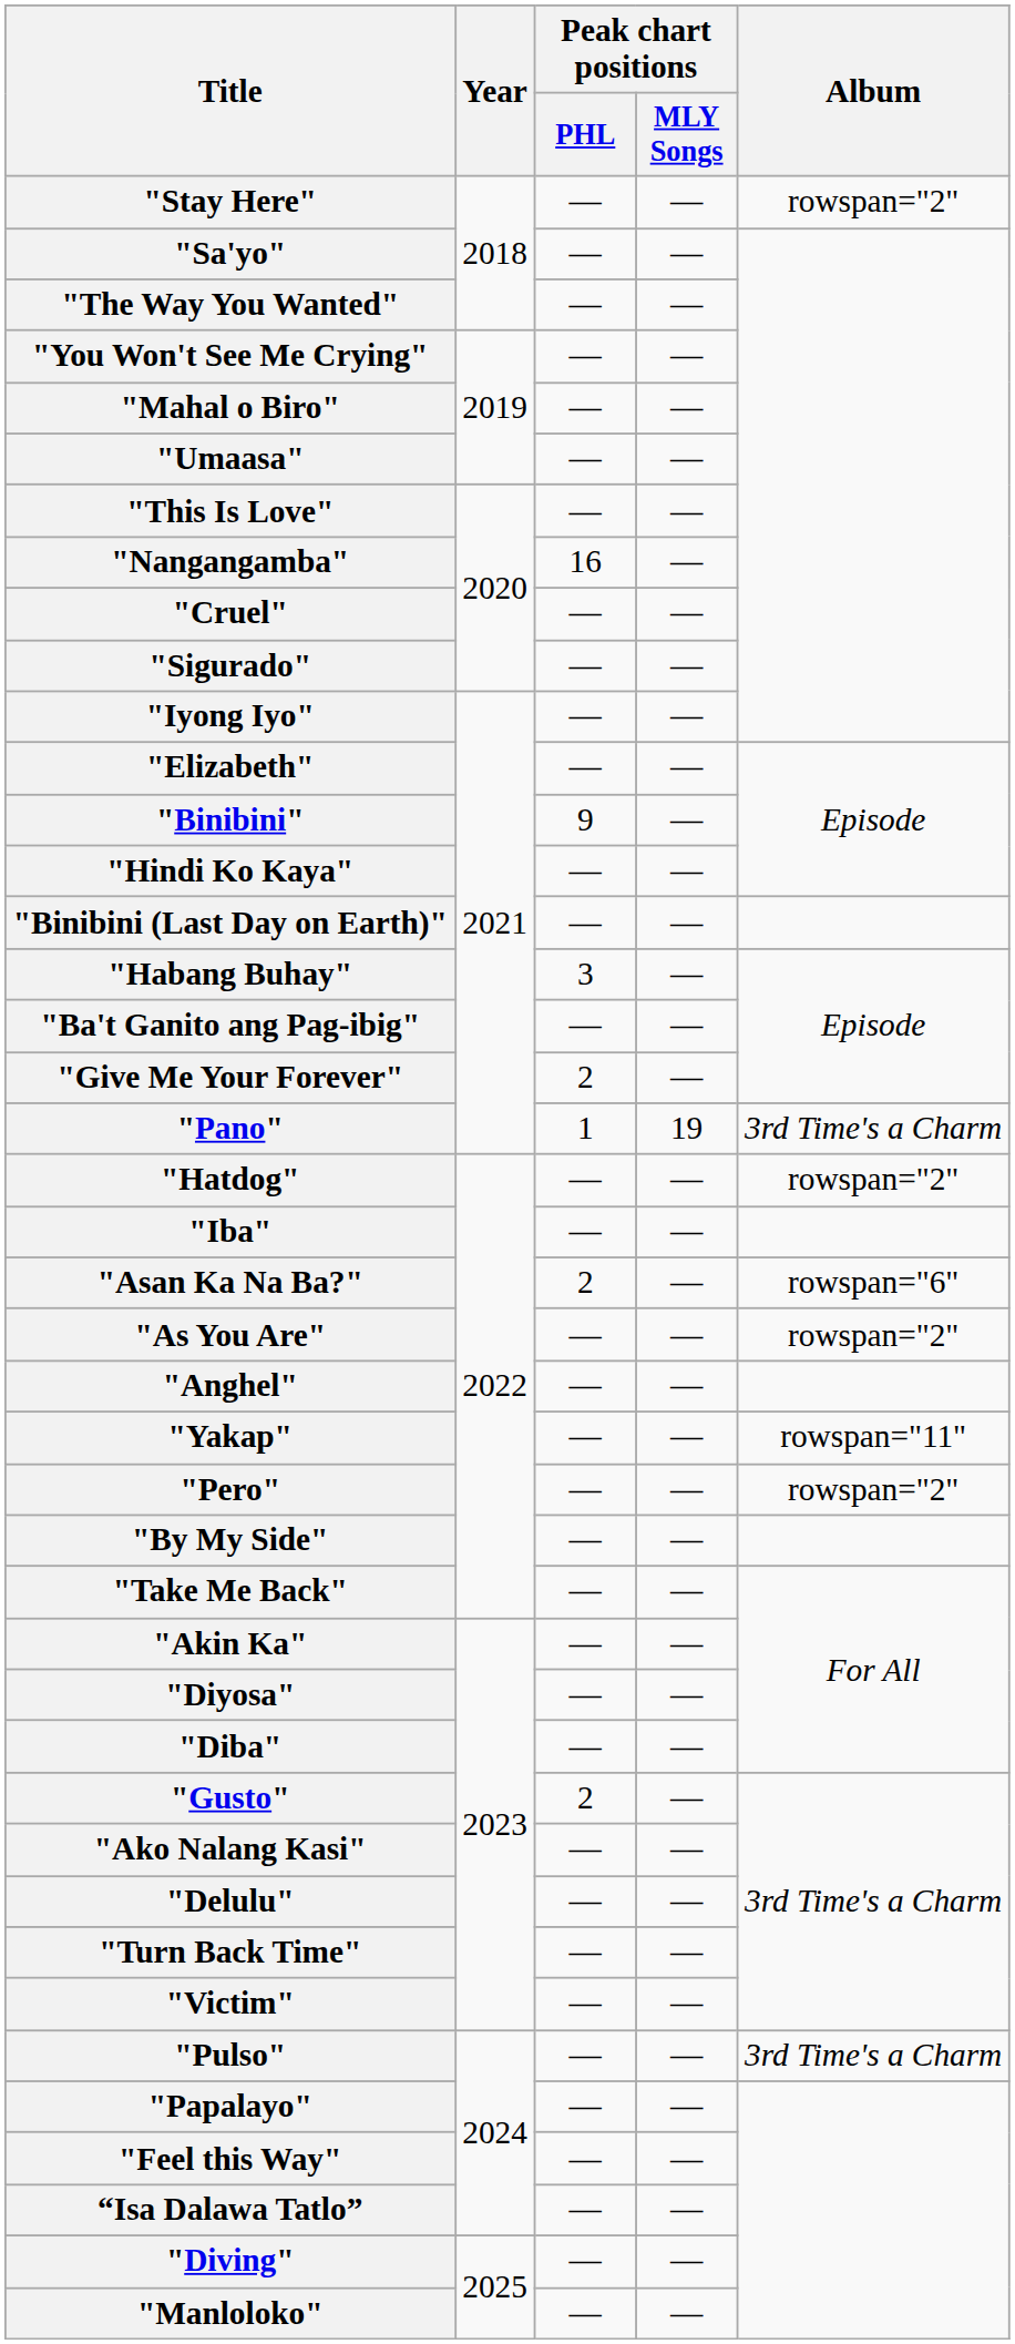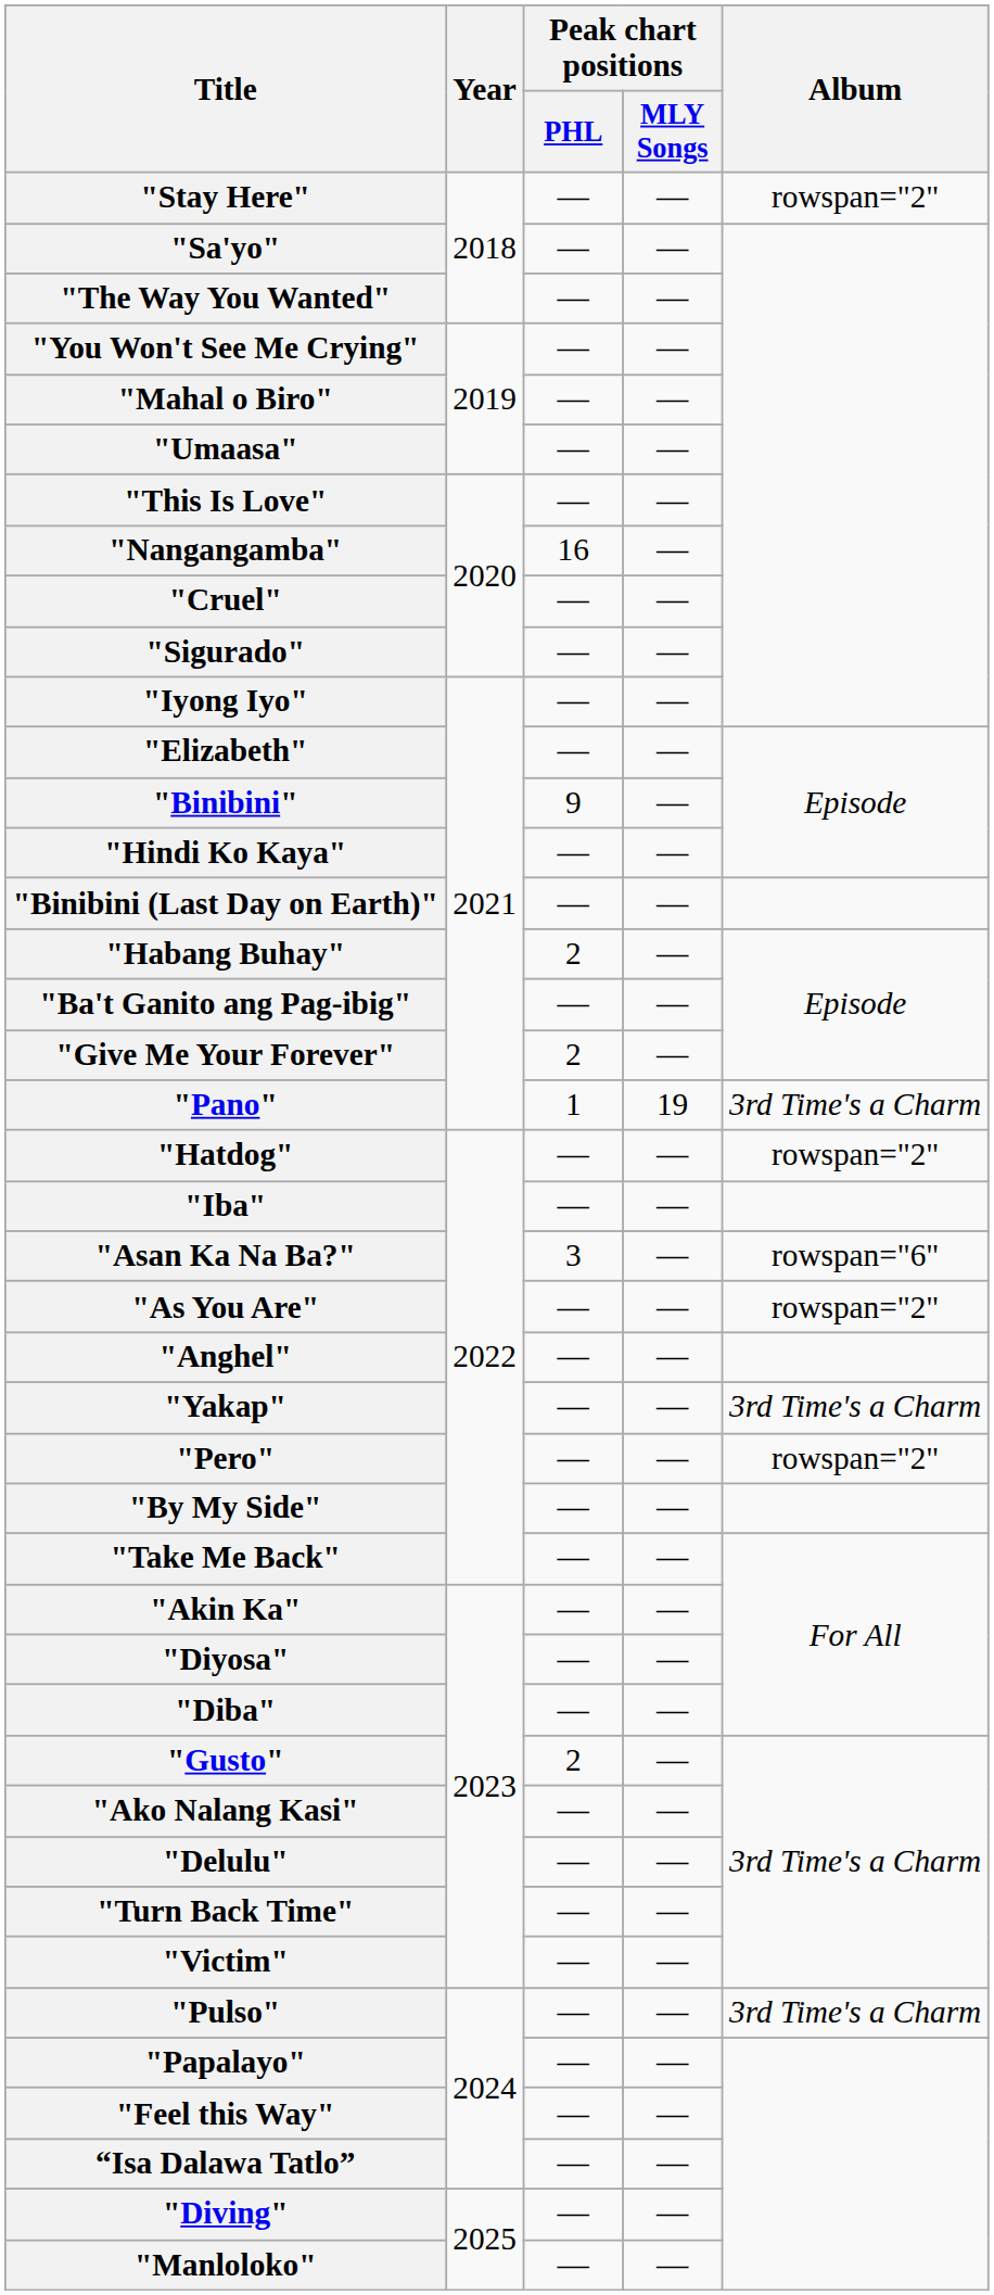 <table class="wikitable plainrowheaders" style="text-align:center">
 <tr>
 <th scope="col" rowspan="2">Title</th>
 <th scope="col" rowspan="2">Year</th>
 <th scope="col" colspan="2">Peak chart positions</th>
 <th scope="col" rowspan="2">Album</th>
 </tr>
 <tr>
 <th scope="col" style="font-size:90%; width:3em"><a href='#'>PHL</a><br></th>
 <th scope="col" style="font-size:90%; width:3em"><a href='#'>MLY<br>Songs</a><br></th>
 </tr>
 <tr>
 <th scope="row">"Stay Here"</th>
 <td rowspan="3">2018</td>
 <td>—</td>
 <td>—</td>
 <td>rowspan="2" </td>
 </tr>
 <tr>
 <th scope="row">"Sa'yo"</th>
 <td>—</td>
 <td>—</td>
 </tr>
 <tr>
 <th scope="row">"The Way You Wanted"</th>
 <td>—</td>
 <td>—</td>
 </tr>
 <tr>
 <th scope="row">"You Won't See Me Crying"<br></th>
 <td rowspan="3">2019</td>
 <td>—</td>
 <td>—</td>
 </tr>
 <tr>
 <th scope="row">"Mahal o Biro"</th>
 <td>—</td>
 <td>—</td>
 </tr>
 <tr>
 <th scope="row">"Umaasa"</th>
 <td>—</td>
 <td>—</td>
 </tr>
 <tr>
 <th scope="row">"This Is Love"</th>
 <td rowspan="4">2020</td>
 <td>—</td>
 <td>—</td>
 </tr>
 <tr>
 <th scope="row">"Nangangamba"</th>
 <td>16</td>
 <td>—</td>
 </tr>
 <tr>
 <th scope="row">"Cruel"</th>
 <td>—</td>
 <td>—</td>
 </tr>
 <tr>
 <th scope="row">"Sigurado"</th>
 <td>—</td>
 <td>—</td>
 </tr>
 <tr>
 <th scope="row">"Iyong Iyo"</th>
 <td rowspan="9">2021</td>
 <td>—</td>
 <td>—</td>
 </tr>
 <tr>
 <th scope="row">"Elizabeth"</th>
 <td>—</td>
 <td>—</td>
 <td rowspan="3"><em>Episode</em></td>
 </tr>
 <tr>
 <th scope="row">"<a href='#'>Binibini</a>"</th>
 <td>9</td>
 <td>—</td>
 </tr>
 <tr>
 <th scope="row">"Hindi Ko Kaya"</th>
 <td>—</td>
 <td>—</td>
 </tr>
 <tr>
 <th scope="row">"Binibini (Last Day on Earth)"<br></th>
 <td>—</td>
 <td>—</td>
 <td></td>
 </tr>
 <tr>
 <th scope="row">"Habang Buhay"</th>
-<td>3</td>
+<td>2</td>
 <td>—</td>
 <td rowspan="3"><em>Episode</em></td>
 </tr>
 <tr>
 <th scope="row">"Ba't Ganito ang Pag-ibig"</th>
 <td>—</td>
 <td>—</td>
 </tr>
 <tr>
 <th scope="row">"Give Me Your Forever"</th>
 <td>2</td>
 <td>—</td>
 </tr>
 <tr>
 <th scope="row">"<a href='#'>Pano</a>"</th>
 <td>1</td>
 <td>19</td>
 <td><em>3rd Time's a Charm</em></td>
 </tr>
 <tr>
 <th scope="row">"Hatdog"<br></th>
 <td rowspan="9">2022</td>
 <td>—</td>
 <td>—</td>
 <td>rowspan="2" </td>
 </tr>
 <tr>
 <th scope="row">"Iba"<br></th>
 <td>—</td>
 <td>—</td>
 </tr>
 <tr>
 <th scope="row">"Asan Ka Na Ba?"</th>
-<td>2</td>
+<td>3</td>
 <td>—</td>
 <td>rowspan="6" </td>
 </tr>
 <tr>
 <th scope="row">"As You Are"</th>
 <td>—</td>
 <td>—</td>
 <td>rowspan="2" </td>
 </tr>
 <tr>
 <th scope="row">"Anghel"</th>
 <td>—</td>
 <td>—</td>
 </tr>
 <tr>
 <th scope="row">"Yakap"</th>
 <td>—</td>
 <td>—</td>
-<td>rowspan="11" </td>
+<td><em>3rd Time's a Charm</em></td>
 </tr>
 <tr>
 <th scope="row">"Pero"</th>
 <td>—</td>
 <td>—</td>
 <td>rowspan="2" </td>
 </tr>
 <tr>
 <th scope="row">"By My Side"<br></th>
 <td>—</td>
 <td>—</td>
 </tr>
 <tr>
 <th scope="row">"Take Me Back"<br></th>
 <td>—</td>
 <td>—</td>
 <td rowspan="4"><em>For All</em></td>
 </tr>
 <tr>
 <th scope="row">"Akin Ka"</th>
 <td rowspan="8">2023</td>
 <td>—</td>
 <td>—</td>
 </tr>
 <tr>
 <th scope="row">"Diyosa"</th>
 <td>—</td>
 <td>—</td>
 </tr>
 <tr>
 <th scope="row">"Diba"</th>
 <td>—</td>
 <td>—</td>
 </tr>
 <tr>
 <th scope="row">"<a href='#'>Gusto</a>"<br></th>
 <td>2</td>
 <td>—</td>
 <td rowspan="5"><em>3rd Time's a Charm</em></td>
 </tr>
 <tr>
 <th scope="row">"Ako Nalang Kasi"</th>
 <td>—</td>
 <td>—</td>
 </tr>
 <tr>
 <th scope="row">"Delulu"</th>
 <td>—</td>
 <td>—</td>
 </tr>
 <tr>
 <th scope="row">"Turn Back Time"<br></th>
 <td>—</td>
 <td>—</td>
 </tr>
 <tr>
 <th scope="row">"Victim"</th>
 <td>—</td>
 <td>—</td>
 </tr>
 <tr>
 <th scope="row">"Pulso"</th>
 <td rowspan="4">2024</td>
 <td>—</td>
 <td>—</td>
 <td><em>3rd Time's a Charm</em></td>
 </tr>
 <tr>
 <th scope="row">"Papalayo"</th>
 <td>—</td>
 <td>—</td>
 </tr>
 <tr>
 <th scope="row">"Feel this Way"</th>
 <td>—</td>
 <td>—</td>
 </tr>
 <tr>
 <th scope="row">“Isa Dalawa Tatlo”</th>
 <td>—</td>
 <td>—</td>
 </tr>
 <tr>
 <th scope="row">"<a href='#'>Diving</a>"</th>
 <td rowspan="2">2025</td>
 <td>—</td>
 <td>—</td>
 </tr>
 <tr>
 <th scope="row">"Manloloko"</th>
 <td>—</td>
 <td>—</td>
 </tr>
 </table>
